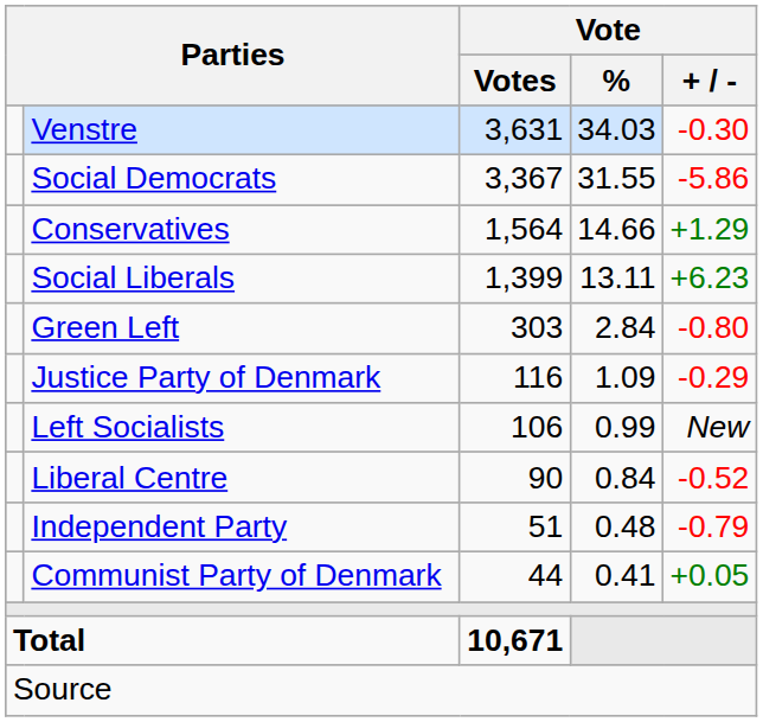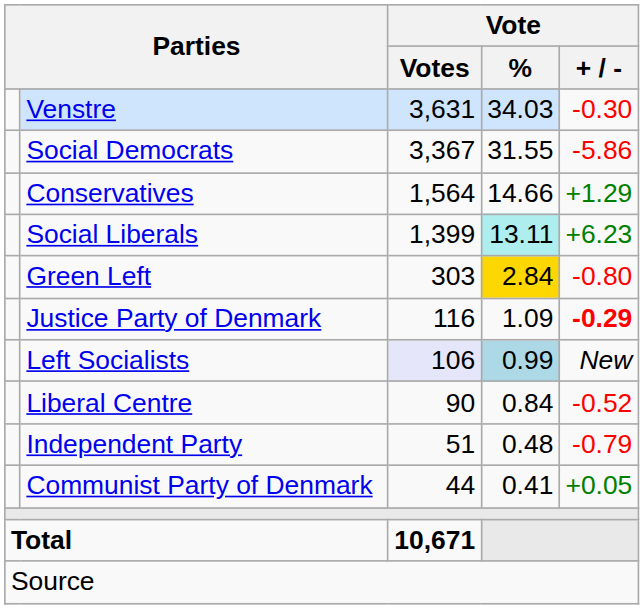 <table class="wikitable" style="text-align:right;">
 <tr>
 <th style="text-align:centre;" rowspan="2" colspan="2" width="225">Parties</th>
 <th colspan="3">Vote</th>
 </tr>
 <tr>
 <th width="15">Votes</th>
 <th width="15">%</th>
 <th width="15">+ / -</th>
 </tr>
 <tr>
 <td width="2" style="color:inherit;background:"></td>
 <td bgcolor=#cfe5fe  align="left"><a href='#'>Venstre</a></td>
 <td bgcolor=#cfe5fe>3,631</td>
 <td bgcolor=#cfe5fe>34.03</td>
 <td style=color:red;>-0.30</td>
 </tr>
 <tr>
 <td width="2" style="color:inherit;background:"></td>
 <td align="left"><a href='#'>Social Democrats</a></td>
 <td>3,367</td>
 <td>31.55</td>
 <td style=color:red;>-5.86</td>
 </tr>
 <tr>
 <td width="2" style="color:inherit;background:"></td>
 <td align="left"><a href='#'>Conservatives</a></td>
 <td>1,564</td>
 <td>14.66</td>
 <td style=color:green;>+1.29</td>
 </tr>
 <tr>
 <td width="2" style="color:inherit;background:"></td>
 <td align="left"><a href='#'>Social Liberals</a></td>
 <td>1,399</td>
-<td>13.11</td>
+<td style="background: paleturquoise;">13.11</td>
 <td style=color:green;>+6.23</td>
 </tr>
 <tr>
 <td width="2" style="color:inherit;background:"></td>
 <td align="left"><a href='#'>Green Left</a></td>
 <td>303</td>
-<td>2.84</td>
+<td style="background: gold;">2.84</td>
 <td style=color:red;>-0.80</td>
 </tr>
 <tr>
 <td width="2" style="color:inherit;background:"></td>
 <td align="left"><a href='#'>Justice Party of Denmark</a></td>
 <td>116</td>
 <td>1.09</td>
-<td style=color:red;>-0.29</td>
+<td style=color:red;><strong>-0.29</strong></td>
 </tr>
 <tr>
 <td width="2" style="color:inherit;background:"></td>
 <td align="left"><a href='#'>Left Socialists</a></td>
-<td>106</td>
-<td>0.99</td>
+<td style="background: lavender;">106</td>
+<td style="background: lightblue;">0.99</td>
 <td><em>New</em></td>
 </tr>
 <tr>
 <td width="2" style="color:inherit;background:"></td>
 <td align="left"><a href='#'>Liberal Centre</a></td>
 <td>90</td>
 <td>0.84</td>
 <td style=color:red;>-0.52</td>
 </tr>
 <tr>
 <td width="2" style="color:inherit;background:"></td>
 <td align="left"><a href='#'>Independent Party</a></td>
 <td>51</td>
 <td>0.48</td>
 <td style=color:red;>-0.79</td>
 </tr>
 <tr>
 <td width="2" style="color:inherit;background:"></td>
 <td align="left"><a href='#'>Communist Party of Denmark</a></td>
 <td>44</td>
 <td>0.41</td>
 <td style=color:green;>+0.05</td>
 </tr>
 <tr>
 <td colspan="7" bgcolor="#E9E9E9"></td>
 </tr>
 <tr>
 <td align="left" colspan="2"><strong>Total</strong></td>
 <td><strong>10,671</strong></td>
 <td bgcolor="#E9E9E9" colspan="2"></td>
 </tr>
 <tr>
 <td align="left" colspan="6">Source</td>
 </tr>
 </table>
